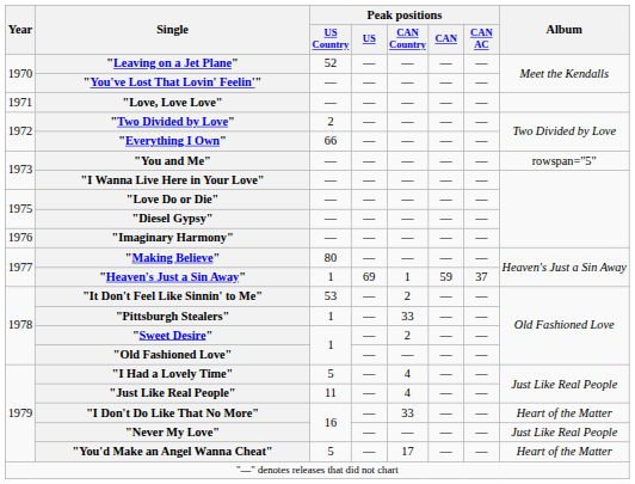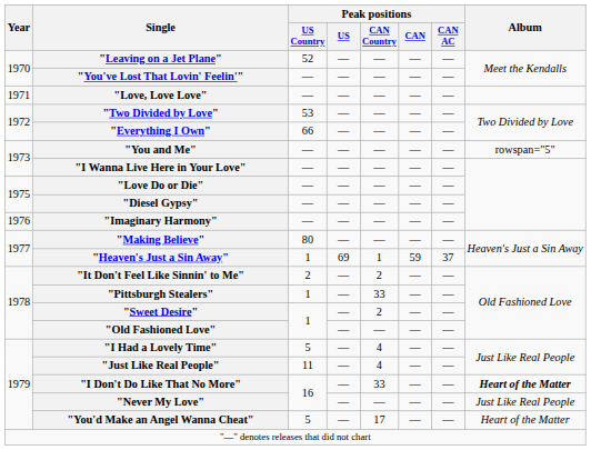 <table class="wikitable plainrowheaders" style="text-align:center;">
 <tr>
 <th rowspan="2">Year</th>
 <th rowspan="2" style="width:22em;">Single</th>
 <th colspan="5">Peak positions</th>
 <th rowspan="2">Album</th>
 </tr>
 <tr style="font-size:smaller;">
 <th width="40"><a href='#'>US Country</a><br></th>
 <th width="40"><a href='#'>US</a><br></th>
 <th width="40"><a href='#'>CAN Country</a><br></th>
 <th width="40"><a href='#'>CAN</a><br></th>
 <th width="40"><a href='#'>CAN AC</a><br></th>
 </tr>
 <tr>
 <td rowspan="2">1970</td>
 <th scope="row">"<a href='#'>Leaving on a Jet Plane</a>"</th>
 <td>52</td>
 <td>—</td>
 <td>—</td>
 <td>—</td>
 <td>—</td>
 <td rowspan="2"><em>Meet the Kendalls</em></td>
 </tr>
 <tr>
 <th scope="row">"<a href='#'>You've Lost That Lovin' Feelin'</a>"</th>
 <td>—</td>
 <td>—</td>
 <td>—</td>
 <td>—</td>
 <td>—</td>
 </tr>
 <tr>
 <td>1971</td>
 <th scope="row">"Love, Love Love"</th>
 <td>—</td>
 <td>—</td>
 <td>—</td>
 <td>—</td>
 <td>—</td>
 <td></td>
 </tr>
 <tr>
 <td rowspan="2">1972</td>
 <th scope="row">"<a href='#'>Two Divided by Love</a>"</th>
-<td>2</td>
+<td>53</td>
 <td>—</td>
 <td>—</td>
 <td>—</td>
 <td>—</td>
 <td rowspan="2"><em>Two Divided by Love</em></td>
 </tr>
 <tr>
 <th scope="row">"<a href='#'>Everything I Own</a>"</th>
 <td>66</td>
 <td>—</td>
 <td>—</td>
 <td>—</td>
 <td>—</td>
 </tr>
 <tr>
 <td rowspan="2">1973</td>
 <th scope="row">"You and Me"</th>
 <td>—</td>
 <td>—</td>
 <td>—</td>
 <td>—</td>
 <td>—</td>
 <td>rowspan="5" </td>
 </tr>
 <tr>
 <th scope="row">"I Wanna Live Here in Your Love"</th>
 <td>—</td>
 <td>—</td>
 <td>—</td>
 <td>—</td>
 <td>—</td>
 </tr>
 <tr>
 <td rowspan="2">1975</td>
 <th scope="row">"Love Do or Die"</th>
 <td>—</td>
 <td>—</td>
 <td>—</td>
 <td>—</td>
 <td>—</td>
 </tr>
 <tr>
 <th scope="row">"Diesel Gypsy"</th>
 <td>—</td>
 <td>—</td>
 <td>—</td>
 <td>—</td>
 <td>—</td>
 </tr>
 <tr>
 <td>1976</td>
 <th scope="row">"Imaginary Harmony"</th>
 <td>—</td>
 <td>—</td>
 <td>—</td>
 <td>—</td>
 <td>—</td>
 </tr>
 <tr>
 <td rowspan="2">1977</td>
 <th scope="row">"<a href='#'>Making Believe</a>"</th>
 <td>80</td>
 <td>—</td>
 <td>—</td>
 <td>—</td>
 <td>—</td>
 <td rowspan="2"><em>Heaven's Just a Sin Away</em></td>
 </tr>
 <tr>
 <th scope="row">"<a href='#'>Heaven's Just a Sin Away</a>"</th>
 <td>1</td>
 <td>69</td>
 <td>1</td>
 <td>59</td>
 <td>37</td>
 </tr>
 <tr>
 <td rowspan="4">1978</td>
 <th scope="row">"It Don't Feel Like Sinnin' to Me"</th>
-<td>53</td>
+<td>2</td>
 <td>—</td>
 <td>2</td>
 <td>—</td>
 <td>—</td>
 <td rowspan="4"><em>Old Fashioned Love</em></td>
 </tr>
 <tr>
 <th scope="row">"Pittsburgh Stealers"</th>
 <td>1</td>
 <td>—</td>
 <td>33</td>
 <td>—</td>
 <td>—</td>
 </tr>
 <tr>
 <th scope="row">"<a href='#'>Sweet Desire</a>"</th>
 <td rowspan="2">1</td>
 <td>—</td>
 <td>2</td>
 <td>—</td>
 <td>—</td>
 </tr>
 <tr>
 <th scope="row">"Old Fashioned Love"</th>
 <td>—</td>
 <td>—</td>
 <td>—</td>
 <td>—</td>
 </tr>
 <tr>
 <td rowspan="5">1979</td>
 <th scope="row">"I Had a Lovely Time"</th>
 <td>5</td>
 <td>—</td>
 <td>4</td>
 <td>—</td>
 <td>—</td>
 <td rowspan="2"><em>Just Like Real People</em></td>
 </tr>
 <tr>
 <th scope="row">"Just Like Real People"</th>
 <td>11</td>
 <td>—</td>
 <td>4</td>
 <td>—</td>
 <td>—</td>
 </tr>
 <tr>
 <th scope="row">"I Don't Do Like That No More"</th>
 <td rowspan="2">16</td>
 <td>—</td>
 <td>33</td>
 <td>—</td>
 <td>—</td>
-<td><em>Heart of the Matter</em></td>
+<td><strong><em>Heart of the Matter</em></strong></td>
 </tr>
 <tr>
 <th scope="row">"Never My Love"</th>
 <td>—</td>
 <td>—</td>
 <td>—</td>
 <td>—</td>
 <td><em>Just Like Real People</em></td>
 </tr>
 <tr>
 <th scope="row">"You'd Make an Angel Wanna Cheat"</th>
 <td>5</td>
 <td>—</td>
 <td>17</td>
 <td>—</td>
 <td>—</td>
 <td><em>Heart of the Matter</em></td>
 </tr>
 <tr>
 <td colspan="8" style="font-size:85%">"—" denotes releases that did not chart</td>
 </tr>
 </table>
